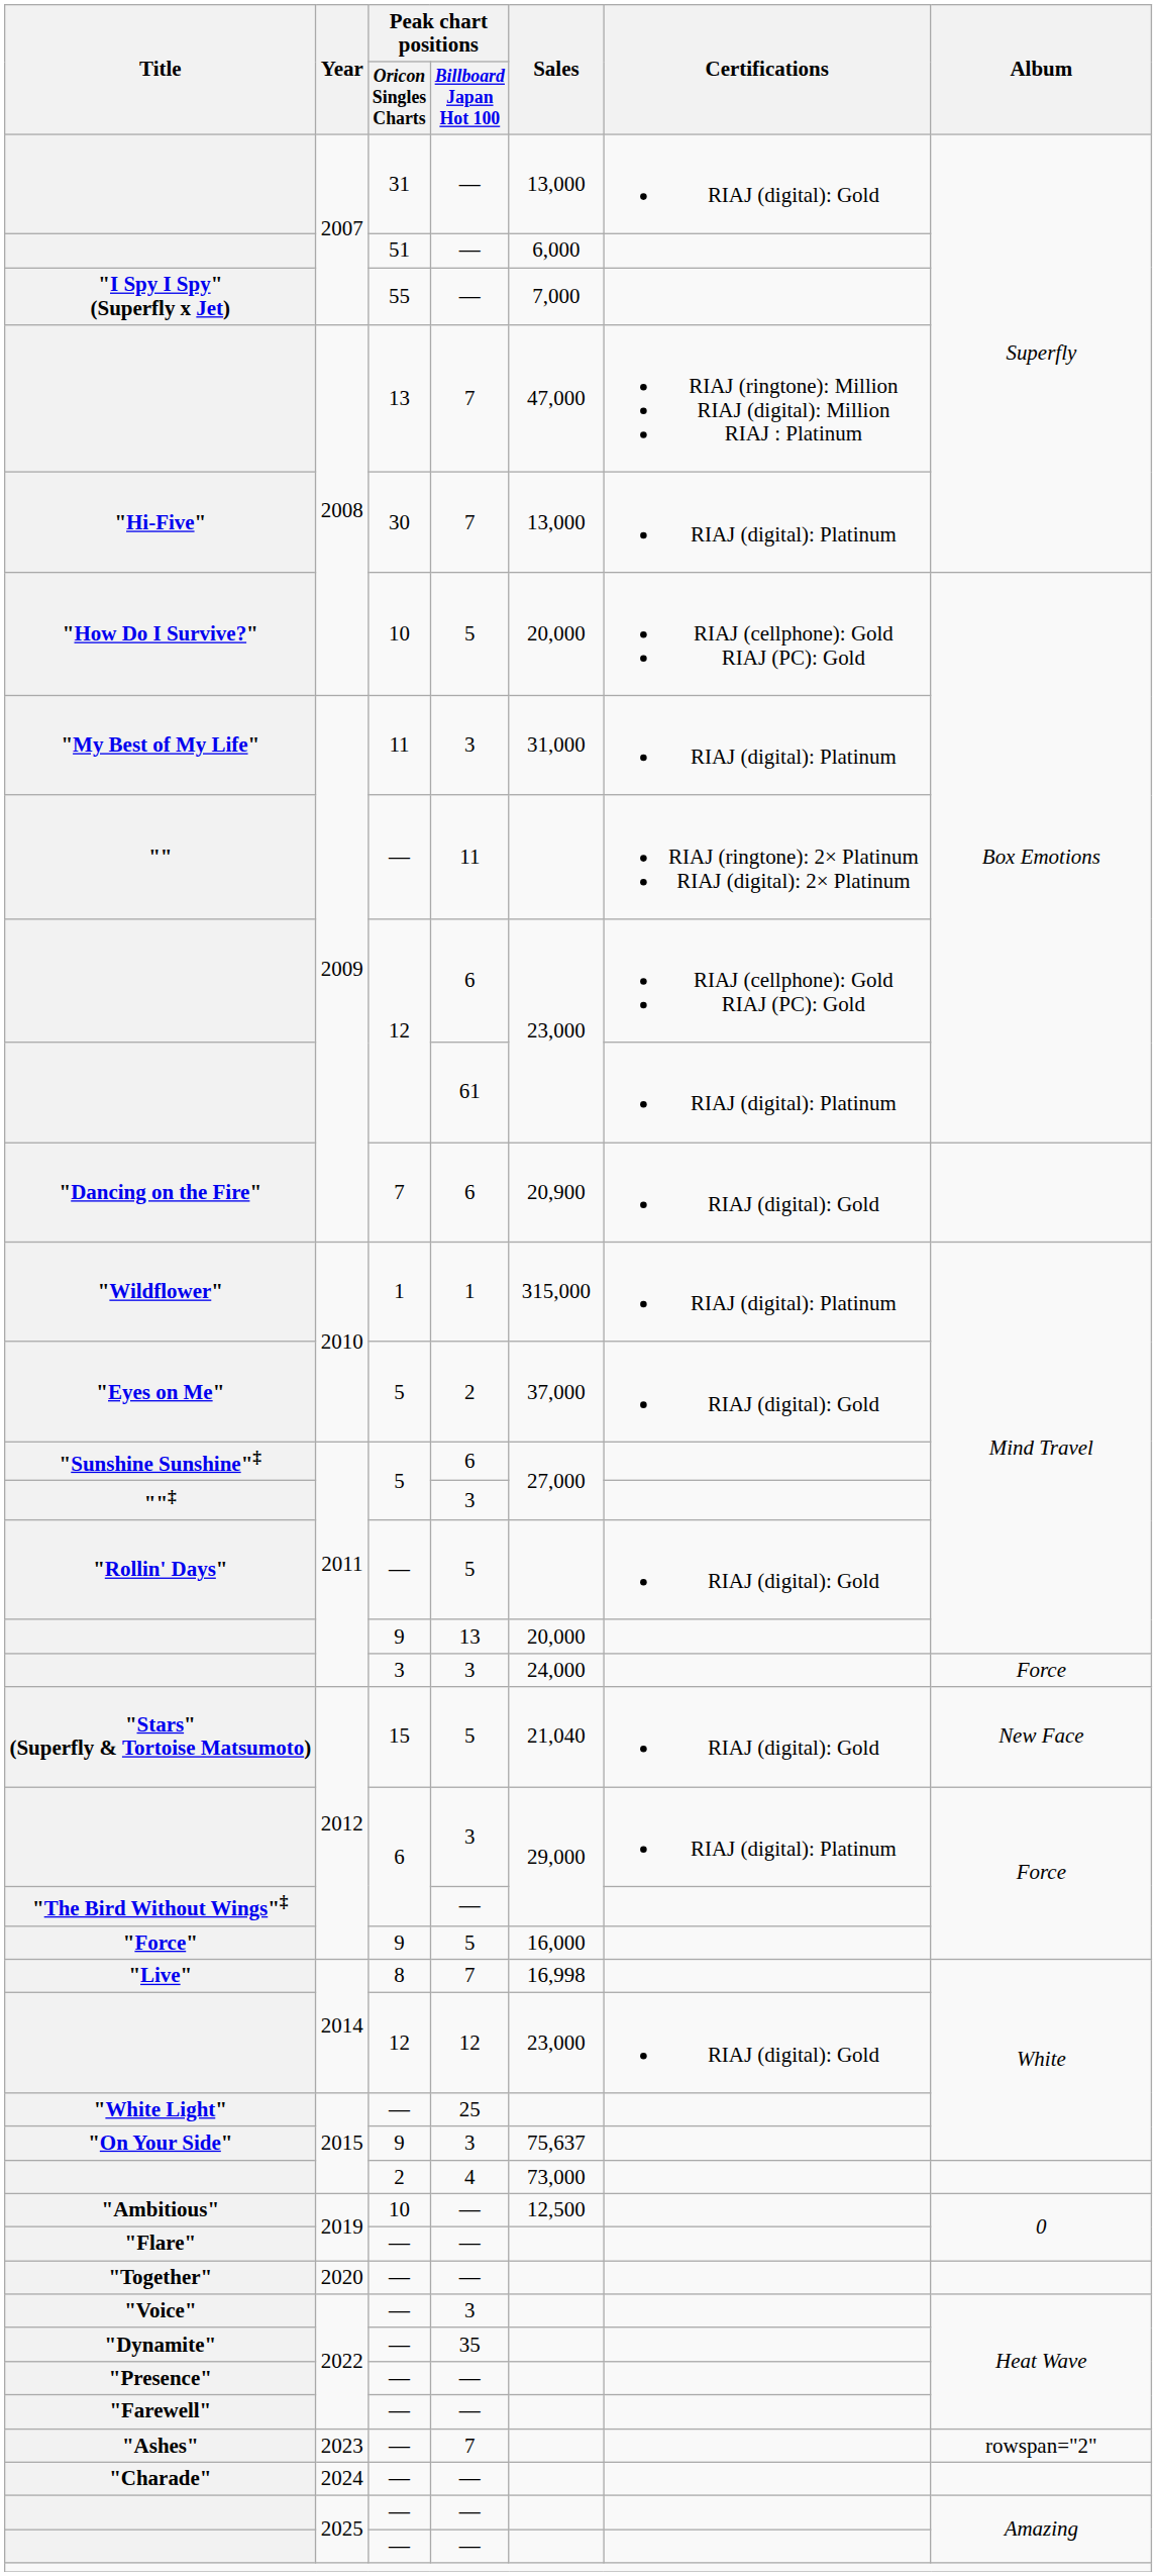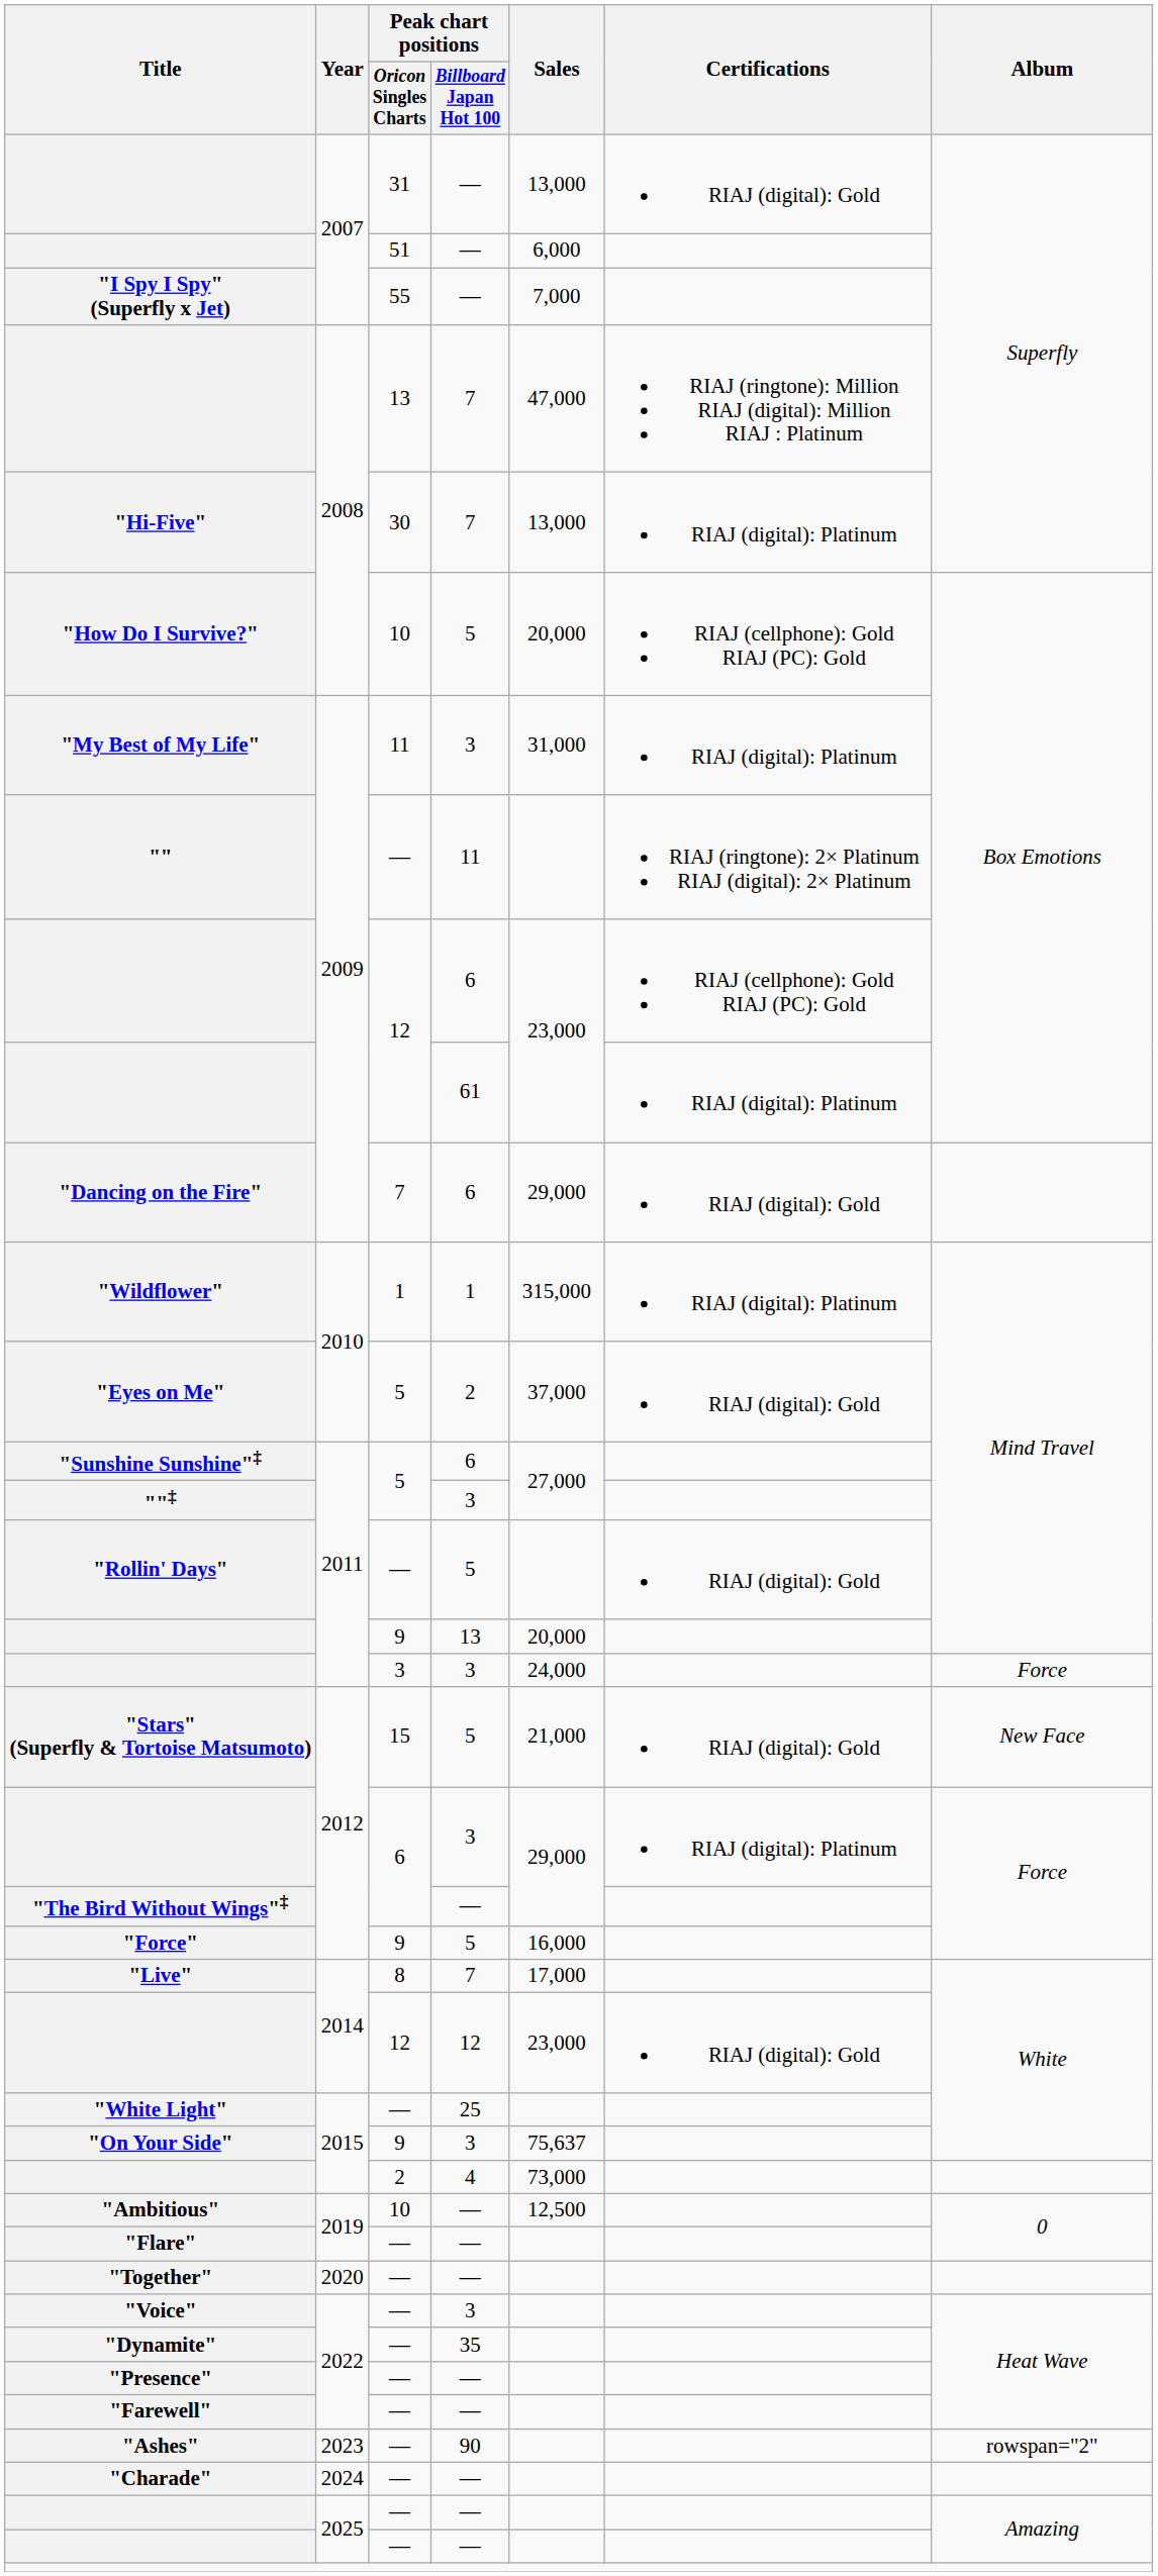 <table class="wikitable plainrowheaders" style="text-align:center;">
 <tr>
 <th scope="col" rowspan="2">Title</th>
 <th scope="col" rowspan="2" style="width:2em;">Year</th>
 <th scope="col" colspan="2">Peak chart positions</th>
 <th scope="col" rowspan="2" style="width:4em;">Sales</th>
 <th scope="col" rowspan="2" style="width:15em;">Certifications</th>
 <th scope="col" rowspan="2" style="width:10em;">Album</th>
 </tr>
 <tr>
 <th style="width:3em;font-size:85%"><em>Oricon</em> Singles Charts<br></th>
 <th style="width:3em;font-size:85%"><em><a href='#'>Billboard</a></em> <a href='#'>Japan Hot 100</a><br></th>
 </tr>
 <tr>
 <th scope="row"></th>
 <td rowspan="3">2007</td>
 <td>31</td>
 <td>—</td>
 <td>13,000</td>
 <td><br><ul><li>RIAJ <span>(digital)</span>: Gold</li></ul></td>
 <td rowspan="5"><em>Superfly</em></td>
 </tr>
 <tr>
 <th scope="row"></th>
 <td>51</td>
 <td>—</td>
 <td>6,000</td>
 <td></td>
 </tr>
 <tr>
 <th scope="row">"<a href='#'>I Spy I Spy</a>"<br><span>(Superfly x <a href='#'>Jet</a>)</span></th>
 <td>55</td>
 <td>—</td>
 <td>7,000</td>
 <td></td>
 </tr>
 <tr>
 <th scope="row"></th>
 <td rowspan="3">2008</td>
 <td>13</td>
 <td>7</td>
 <td>47,000</td>
 <td><br><ul><li>RIAJ <span>(ringtone)</span>: Million</li><li>RIAJ <span>(digital)</span>: Million</li><li>RIAJ : Platinum</li></ul></td>
 </tr>
 <tr>
 <th scope="row">"<a href='#'>Hi-Five</a>"</th>
 <td>30</td>
 <td>7</td>
 <td>13,000</td>
 <td><br><ul><li>RIAJ <span>(digital)</span>: Platinum</li></ul></td>
 </tr>
 <tr>
 <th scope="row">"<a href='#'>How Do I Survive?</a>"</th>
 <td>10</td>
 <td>5</td>
 <td>20,000</td>
 <td><br><ul><li>RIAJ <span>(cellphone)</span>: Gold</li><li>RIAJ <span>(PC)</span>: Gold</li></ul></td>
 <td rowspan="5"><em>Box Emotions</em></td>
 </tr>
 <tr>
 <th scope="row">"<a href='#'>My Best of My Life</a>"</th>
 <td rowspan="5">2009</td>
 <td>11</td>
 <td>3</td>
 <td>31,000</td>
 <td><br><ul><li>RIAJ <span>(digital)</span>: Platinum</li></ul></td>
 </tr>
 <tr>
 <th scope="row">"<a href='#'></a>" </th>
 <td>—</td>
 <td>11</td>
 <td></td>
 <td><br><ul><li>RIAJ <span>(ringtone)</span>: 2× Platinum</li><li>RIAJ <span>(digital)</span>: 2× Platinum</li></ul></td>
 </tr>
 <tr>
 <th scope="row"></th>
 <td rowspan="2">12</td>
 <td>6</td>
 <td rowspan="2">23,000</td>
 <td><br><ul><li>RIAJ <span>(cellphone)</span>: Gold</li><li>RIAJ <span>(PC)</span>: Gold</li></ul></td>
 </tr>
 <tr>
 <th scope="row"></th>
 <td>61</td>
 <td><br><ul><li>RIAJ <span>(digital)</span>: Platinum</li></ul></td>
 </tr>
 <tr>
 <th scope="row">"<a href='#'>Dancing on the Fire</a>"</th>
 <td>7</td>
 <td>6</td>
-<td>20,900</td>
+<td>29,000</td>
 <td><br><ul><li>RIAJ <span>(digital)</span>: Gold</li></ul></td>
 <td></td>
 </tr>
 <tr>
 <th scope="row">"<a href='#'>Wildflower</a>"</th>
 <td rowspan="2">2010</td>
 <td>1</td>
 <td>1</td>
 <td>315,000</td>
 <td><br><ul><li>RIAJ <span>(digital)</span>: Platinum</li></ul></td>
 <td rowspan="6"><em>Mind Travel</em></td>
 </tr>
 <tr>
 <th scope="row">"<a href='#'>Eyes on Me</a>"</th>
 <td>5</td>
 <td>2</td>
 <td>37,000</td>
 <td><br><ul><li>RIAJ <span>(digital)</span>: Gold</li></ul></td>
 </tr>
 <tr>
 <th scope="row">"<a href='#'>Sunshine Sunshine</a>"<sup>‡</sup></th>
 <td rowspan="5">2011</td>
 <td rowspan="2">5</td>
 <td>6</td>
 <td rowspan="2">27,000</td>
 <td></td>
 </tr>
 <tr>
 <th scope="row">"<a href='#'></a>"<sup>‡</sup></th>
 <td>3</td>
 <td></td>
 </tr>
 <tr>
 <th scope="row">"<a href='#'>Rollin' Days</a>"  </th>
 <td>—</td>
 <td>5</td>
 <td></td>
 <td><br><ul><li>RIAJ <span>(digital)</span>: Gold</li></ul></td>
 </tr>
 <tr>
 <th scope="row"></th>
 <td>9</td>
 <td>13</td>
 <td>20,000</td>
 <td></td>
 </tr>
 <tr>
 <th scope="row"></th>
 <td>3</td>
 <td>3</td>
 <td>24,000</td>
 <td></td>
 <td><em>Force</em></td>
 </tr>
 <tr>
 <th scope="row">"<a href='#'>Stars</a>"<br><span>(Superfly & <a href='#'>Tortoise Matsumoto</a>)</span></th>
 <td rowspan="4">2012</td>
 <td>15</td>
 <td>5</td>
-<td>21,040</td>
+<td>21,000</td>
 <td><br><ul><li>RIAJ <span>(digital)</span>: Gold</li></ul></td>
 <td><em>New Face</em></td>
 </tr>
 <tr>
 <th scope="row"></th>
 <td rowspan="2">6</td>
 <td>3</td>
 <td rowspan="2">29,000</td>
 <td><br><ul><li>RIAJ <span>(digital)</span>: Platinum</li></ul></td>
 <td rowspan="3"><em>Force</em></td>
 </tr>
 <tr>
 <th scope="row">"<a href='#'>The Bird Without Wings</a>"<sup>‡</sup></th>
 <td>—</td>
 <td></td>
 </tr>
 <tr>
 <th scope="row">"<a href='#'>Force</a>"</th>
 <td>9</td>
 <td>5</td>
 <td>16,000</td>
 <td></td>
 </tr>
 <tr>
 <th scope="row">"<a href='#'>Live</a>"</th>
 <td rowspan="2">2014</td>
 <td>8</td>
 <td>7</td>
-<td>16,998</td>
+<td>17,000</td>
 <td></td>
 <td rowspan="4"><em>White</em></td>
 </tr>
 <tr>
 <th scope="row"></th>
 <td>12</td>
 <td>12</td>
 <td>23,000</td>
 <td><br><ul><li>RIAJ <span>(digital)</span>: Gold</li></ul></td>
 </tr>
 <tr>
 <th scope="row">"<a href='#'>White Light</a>" </th>
 <td rowspan="3">2015</td>
 <td>—</td>
 <td>25</td>
 <td></td>
 <td></td>
 </tr>
 <tr>
 <th scope="row">"<a href='#'>On Your Side</a>"</th>
 <td>9</td>
 <td>3</td>
 <td>75,637</td>
 <td></td>
 </tr>
 <tr>
 <th scope="row"></th>
 <td>2</td>
 <td>4</td>
 <td>73,000</td>
 <td></td>
 <td></td>
 </tr>
 <tr>
 <th scope="row">"Ambitious"</th>
 <td rowspan="2">2019</td>
 <td>10</td>
 <td>—</td>
 <td>12,500</td>
 <td></td>
 <td rowspan="2"><em>0</em></td>
 </tr>
 <tr>
 <th scope="row">"Flare"</th>
 <td>—</td>
 <td>—</td>
 <td></td>
 <td></td>
 </tr>
 <tr>
 <th scope="row">"Together"</th>
 <td>2020</td>
 <td>—</td>
 <td>—</td>
 <td></td>
 <td></td>
 <td></td>
 </tr>
 <tr>
 <th scope="row">"Voice"</th>
 <td rowspan="4">2022</td>
 <td>—</td>
 <td>3</td>
 <td></td>
 <td></td>
 <td rowspan="4"><em>Heat Wave</em></td>
 </tr>
 <tr>
 <th scope="row">"Dynamite"</th>
 <td>—</td>
 <td>35</td>
 <td></td>
 <td></td>
 </tr>
 <tr>
 <th scope="row">"Presence"</th>
 <td>—</td>
 <td>—</td>
 <td></td>
 <td></td>
 </tr>
 <tr>
 <th scope="row">"Farewell"</th>
 <td>—</td>
 <td>—</td>
 <td></td>
 <td></td>
 </tr>
 <tr>
 <th scope="row">"Ashes"</th>
 <td>2023</td>
 <td>—</td>
-<td>7</td>
+<td>90</td>
 <td></td>
 <td></td>
 <td>rowspan="2" </td>
 </tr>
 <tr>
 <th scope="row">"Charade"</th>
 <td>2024</td>
 <td>—</td>
 <td>—</td>
 <td></td>
 <td></td>
 </tr>
 <tr>
 <th scope="row"></th>
 <td rowspan="2">2025</td>
 <td>—</td>
 <td>—</td>
 <td></td>
 <td></td>
 <td rowspan="2"><em>Amazing</em></td>
 </tr>
 <tr>
 <th scope="row"></th>
 <td>—</td>
 <td>—</td>
 <td></td>
 <td></td>
 </tr>
 <tr>
 <td colspan="12" align="center" style="font-size:90%;"></td>
 </tr>
 </table>
